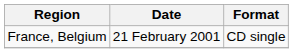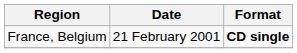 <table class="wikitable">
 <tr>
 <th>Region</th>
 <th>Date</th>
 <th>Format</th>
 </tr>
 <tr>
 <td>France, Belgium</td>
 <td>21 February 2001</td>
-<td>CD single</td>
+<td><strong>CD single</strong></td>
 </tr>
 <tr>
 </tr>
 </table>
